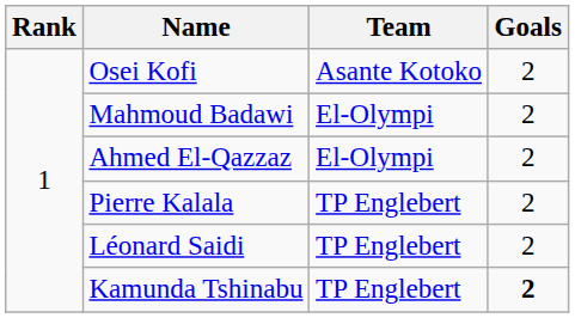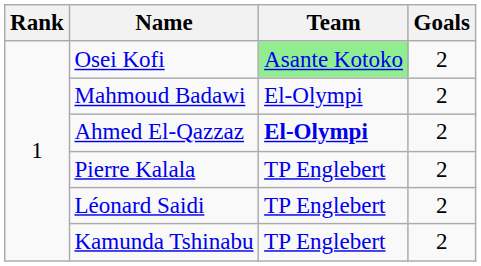 <table class="wikitable" style="text-align:center">
 <tr>
 <th>Rank</th>
 <th>Name</th>
 <th>Team</th>
 <th>Goals</th>
 </tr>
 <tr>
 <td rowspan=6>1</td>
 <td align="left"> <a href='#'>Osei Kofi</a></td>
-<td align="left"> <a href='#'>Asante Kotoko</a></td>
+<td align="left" style="background: lightgreen;"> <a href='#'>Asante Kotoko</a></td>
 <td>2</td>
 </tr>
 <tr>
 <td align="left"> <a href='#'>Mahmoud Badawi</a></td>
 <td align="left"> <a href='#'>El-Olympi</a></td>
 <td>2</td>
 </tr>
 <tr>
 <td align="left"> <a href='#'>Ahmed El-Qazzaz</a></td>
-<td align="left"> <a href='#'>El-Olympi</a></td>
+<td align="left"><strong> <a href='#'>El-Olympi</a></strong></td>
 <td>2</td>
 </tr>
 <tr>
 <td align="left"> <a href='#'>Pierre Kalala</a></td>
 <td align="left"> <a href='#'>TP Englebert</a></td>
 <td>2</td>
 </tr>
 <tr>
 <td align="left"> <a href='#'>Léonard Saidi</a></td>
 <td align="left"> <a href='#'>TP Englebert</a></td>
 <td>2</td>
 </tr>
 <tr>
 <td align="left"> <a href='#'>Kamunda Tshinabu</a></td>
 <td align="left"> <a href='#'>TP Englebert</a></td>
-<td><strong>2</strong></td>
+<td>2</td>
 </tr>
 </table>
